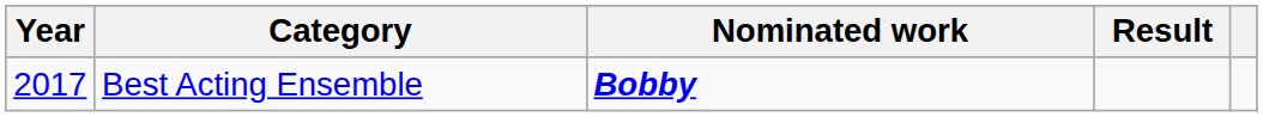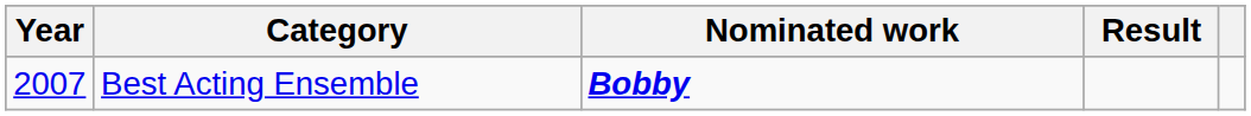 <table class="wikitable">
 <tr>
 <th scope="col" style="width:1em;">Year</th>
 <th scope="col" style="width:35em;">Category</th>
 <th scope="col" style="width:35em;">Nominated work</th>
 <th scope="col" style="width:5em;">Result</th>
 <th scope="col" style="width:1em;"></th>
 </tr>
 <tr>
-<td><a href='#'>2017</a></td>
+<td><a href='#'>2007</a></td>
 <td><a href='#'>Best Acting Ensemble</a></td>
 <td><strong><em><a href='#'>Bobby</a></em></strong></td>
 <td></td>
 <td style="text-align:center;"></td>
 </tr>
 </table>
